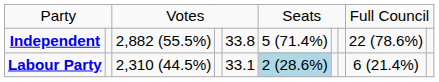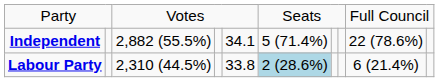 <table class=wikitable style="text-align:center;">
 <tr>
 <td colspan=2>Party</td>
 <td colspan=3>Votes</td>
 <td colspan=3>Seats</td>
 <td colspan=3>Full Council</td>
 </tr>
 <tr>
 <td><strong><a href='#'>Independent</a></strong></td>
 <td style="background:"></td>
 <td>2,882 (55.5%)</td>
 <td></td>
-<td> 33.8</td>
+<td> 34.1</td>
 <td>5 (71.4%)</td>
 <td></td>
 <td></td>
 <td>22 (78.6%)</td>
 <td></td>
 </tr>
 <tr>
 <td><strong><a href='#'>Labour Party</a></strong></td>
 <td style="background:"></td>
 <td>2,310 (44.5%)</td>
 <td></td>
-<td> 33.1</td>
+<td> 33.8</td>
 <td style="background: lightblue;">2 (28.6%)</td>
 <td></td>
 <td></td>
 <td>6 (21.4%)</td>
 <td></td>
 </tr>
 </table>
